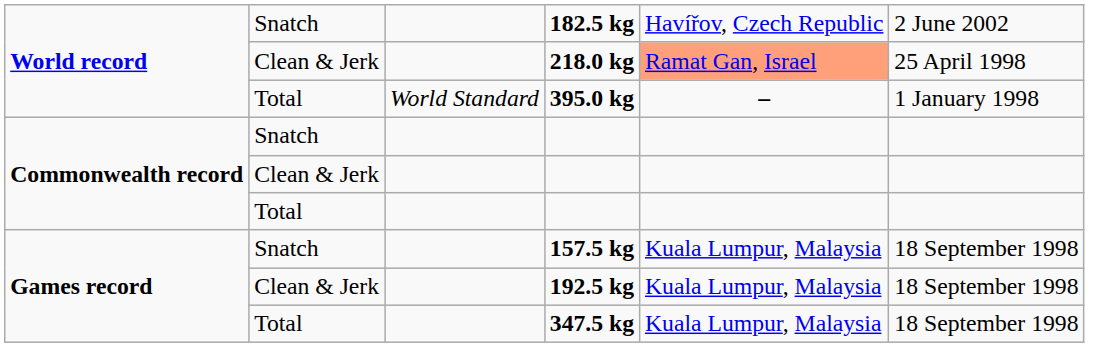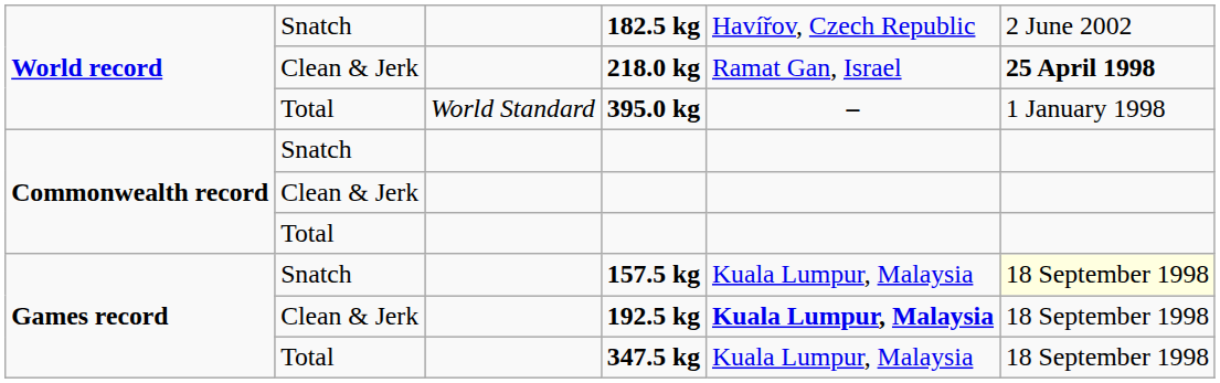 <table class="wikitable">
 <tr>
 <td rowspan=3><strong><a href='#'>World record</a></strong></td>
 <td>Snatch</td>
 <td></td>
 <td><strong>182.5 kg</strong></td>
 <td><a href='#'>Havířov</a>, <a href='#'>Czech Republic</a></td>
 <td>2 June 2002</td>
 </tr>
 <tr>
 <td>Clean & Jerk</td>
 <td></td>
 <td><strong>218.0 kg</strong></td>
-<td style="background: lightsalmon;"><a href='#'>Ramat Gan</a>, <a href='#'>Israel</a></td>
-<td>25 April 1998</td>
+<td><a href='#'>Ramat Gan</a>, <a href='#'>Israel</a></td>
+<td><strong>25 April 1998</strong></td>
 </tr>
 <tr>
 <td>Total</td>
 <td align=center><em>World Standard</em></td>
 <td><strong>395.0 kg</strong></td>
 <td align=center><strong>–</strong></td>
 <td>1 January 1998</td>
 </tr>
 <tr>
 <td rowspan=3><strong>Commonwealth record</strong></td>
 <td>Snatch</td>
 <td></td>
 <td></td>
 <td></td>
 <td></td>
 </tr>
 <tr>
 <td>Clean & Jerk</td>
 <td></td>
 <td></td>
 <td></td>
 <td></td>
 </tr>
 <tr>
 <td>Total</td>
 <td></td>
 <td></td>
 <td></td>
 <td></td>
 </tr>
 <tr>
 <td rowspan=3><strong>Games record</strong></td>
 <td>Snatch</td>
 <td></td>
 <td><strong>157.5 kg</strong></td>
 <td><a href='#'>Kuala Lumpur</a>, <a href='#'>Malaysia</a></td>
-<td>18 September 1998</td>
+<td style="background: lightyellow;">18 September 1998</td>
 </tr>
 <tr>
 <td>Clean & Jerk</td>
 <td></td>
 <td><strong>192.5 kg</strong></td>
-<td><a href='#'>Kuala Lumpur</a>, <a href='#'>Malaysia</a></td>
+<td><strong><a href='#'>Kuala Lumpur</a>, <a href='#'>Malaysia</a></strong></td>
 <td>18 September 1998</td>
 </tr>
 <tr>
 <td>Total</td>
 <td></td>
 <td><strong>347.5 kg</strong></td>
 <td><a href='#'>Kuala Lumpur</a>, <a href='#'>Malaysia</a></td>
 <td>18 September 1998</td>
 </tr>
 </table>
